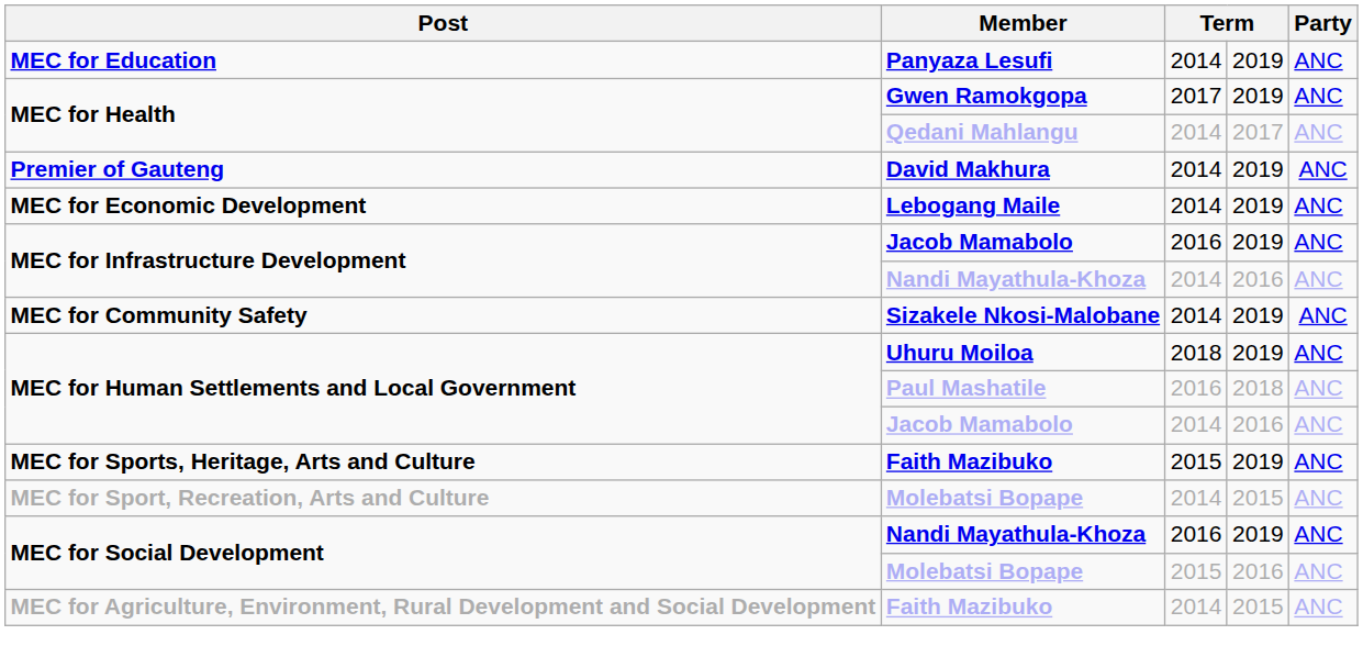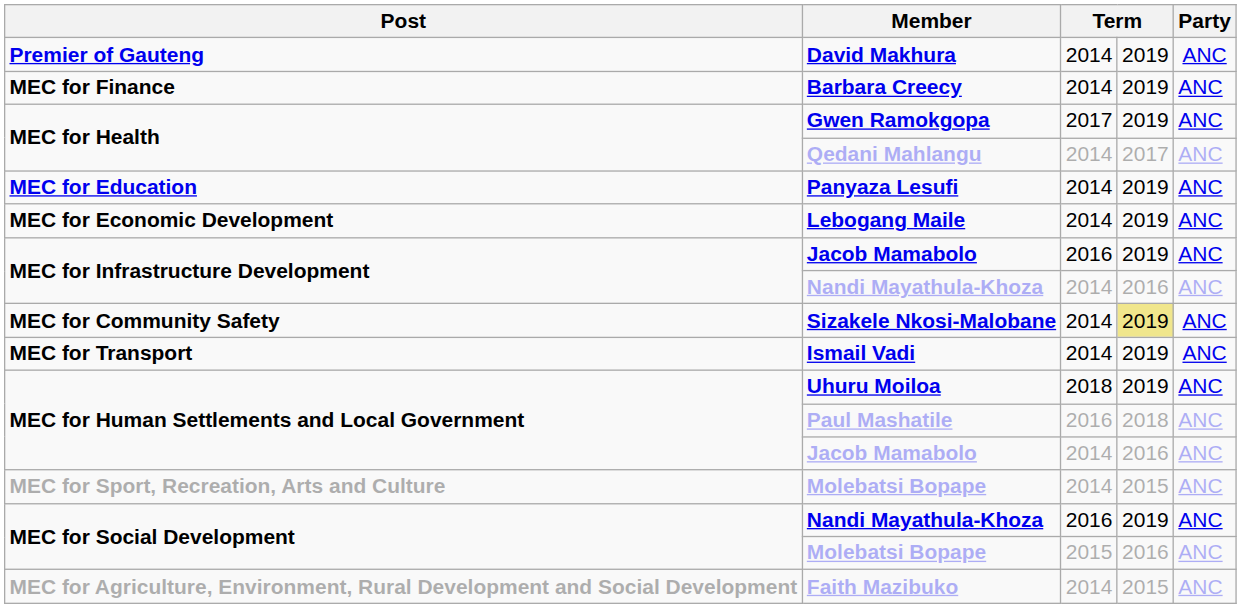 <table class="wikitable collapsible">
 <tr>
 <th>Post</th>
 <th>Member</th>
 <th colspan="2">Term</th>
 <th>Party</th>
 </tr>
 <tr>
-<td><a href='#'><strong>MEC for Education</strong></a></td>
-<td><strong><a href='#'>Panyaza Lesufi</a></strong></td>
+<td><strong><a href='#'>Premier of Gauteng</a></strong></td>
+<td><strong><a href='#'>David Makhura</a></strong></td>
+<td>2014</td>
+<td align="center">2019</td>
+<td align="center"><a href='#'>ANC</a></td>
+</tr>
+<tr>
+<td><strong>MEC for Finance</strong></td>
+<td><strong><a href='#'>Barbara Creecy</a></strong></td>
 <td>2014</td>
 <td>2019</td>
 <td><a href='#'>ANC</a></td>
 </tr>
 <tr>
 <td rowspan="2"><strong>MEC for Health</strong></td>
 <td><strong><a href='#'>Gwen Ramokgopa</a></strong></td>
 <td>2017</td>
 <td>2019</td>
 <td><a href='#'>ANC</a></td>
 </tr>
 <tr style="opacity:.3;">
 <td><strong><a href='#'>Qedani Mahlangu</a></strong></td>
 <td>2014</td>
 <td>2017</td>
 <td><a href='#'>ANC</a></td>
 </tr>
 <tr>
-<td><strong><a href='#'>Premier of Gauteng</a></strong></td>
-<td><strong><a href='#'>David Makhura</a></strong></td>
+<td><a href='#'><strong>MEC for Education</strong></a></td>
+<td><strong><a href='#'>Panyaza Lesufi</a></strong></td>
 <td>2014</td>
-<td align="center">2019</td>
-<td align="center"><a href='#'>ANC</a></td>
+<td>2019</td>
+<td><a href='#'>ANC</a></td>
 </tr>
 <tr>
 <td><strong>MEC for Economic Development</strong></td>
 <td><strong><a href='#'>Lebogang Maile</a></strong></td>
 <td>2014</td>
 <td>2019</td>
 <td><a href='#'>ANC</a></td>
 </tr>
 <tr>
 <td rowspan="2"><strong>MEC for Infrastructure Development</strong></td>
 <td><strong><a href='#'>Jacob Mamabolo</a></strong></td>
 <td>2016</td>
 <td>2019</td>
 <td><a href='#'>ANC</a></td>
 </tr>
 <tr style="opacity:.3;">
 <td><strong><a href='#'>Nandi Mayathula-Khoza</a></strong></td>
 <td>2014</td>
 <td>2016</td>
 <td><a href='#'>ANC</a></td>
 </tr>
 <tr>
 <td><strong>MEC for Community Safety</strong></td>
 <td><strong><a href='#'>Sizakele Nkosi-Malobane</a></strong></td>
 <td>2014</td>
+<td style="background: khaki;">2019</td>
+<td align="center"><a href='#'>ANC</a></td>
+</tr>
+<tr>
+<td><strong>MEC for Transport</strong></td>
+<td><strong><a href='#'>Ismail Vadi</a></strong></td>
+<td>2014</td>
 <td>2019</td>
 <td align="center"><a href='#'>ANC</a></td>
 </tr>
 <tr>
 <td rowspan="3"><strong>MEC for Human Settlements and Local Government</strong></td>
 <td><strong><a href='#'>Uhuru Moiloa</a></strong></td>
 <td>2018</td>
 <td>2019</td>
 <td><a href='#'>ANC</a></td>
 </tr>
 <tr style="opacity:.3;">
 <td><strong><a href='#'>Paul Mashatile</a></strong></td>
 <td>2016</td>
 <td>2018</td>
 <td><a href='#'>ANC</a></td>
 </tr>
 <tr style="opacity:.3;">
 <td><strong><a href='#'>Jacob Mamabolo</a></strong></td>
 <td>2014</td>
 <td>2016</td>
-<td><a href='#'>ANC</a></td>
-</tr>
-<tr>
-<td><strong>MEC for Sports, Heritage, Arts and Culture</strong></td>
-<td><strong><a href='#'>Faith Mazibuko</a></strong></td>
-<td>2015</td>
-<td>2019</td>
 <td><a href='#'>ANC</a></td>
 </tr>
 <tr style="opacity:.3;">
 <td><strong>MEC for Sport, Recreation, Arts and Culture</strong></td>
 <td><strong><a href='#'>Molebatsi Bopape</a></strong></td>
 <td>2014</td>
 <td>2015</td>
 <td><a href='#'>ANC</a></td>
 </tr>
 <tr>
 <td rowspan="2"><strong>MEC for Social Development</strong></td>
 <td><strong><a href='#'>Nandi Mayathula-Khoza</a></strong></td>
 <td>2016</td>
 <td>2019</td>
 <td><a href='#'>ANC</a></td>
 </tr>
 <tr style="opacity:.3;">
 <td><strong><a href='#'>Molebatsi Bopape</a></strong></td>
 <td>2015</td>
 <td>2016</td>
 <td><a href='#'>ANC</a></td>
 </tr>
 <tr style="opacity:.3;">
 <td><strong>MEC for Agriculture, Environment, Rural Development and Social Development</strong></td>
 <td><strong><a href='#'>Faith Mazibuko</a></strong></td>
 <td>2014</td>
 <td>2015</td>
 <td><a href='#'>ANC</a></td>
 </tr>
 </table>
